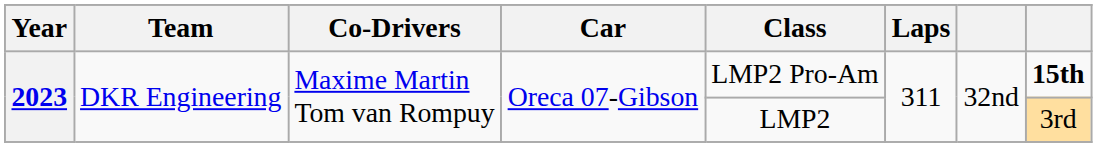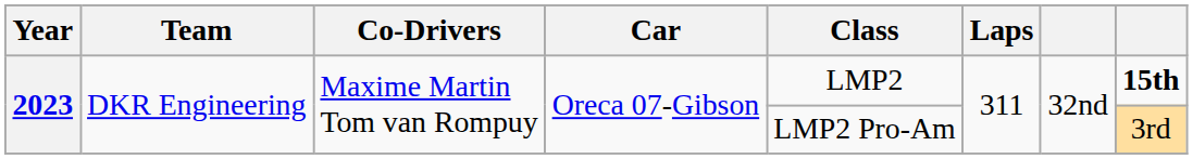 <table class="wikitable" style="text-align:center; font-size:90%">
 <tr>
 <th>Year</th>
 <th>Team</th>
 <th>Co-Drivers</th>
 <th>Car</th>
 <th>Class</th>
 <th>Laps</th>
 <th></th>
 <th></th>
 </tr>
 <tr>
 <th rowspan="2"><a href='#'>2023</a></th>
 <td rowspan="2" align="left" nowrap> <a href='#'>DKR Engineering</a></td>
 <td rowspan="2" align="left" nowrap> <a href='#'>Maxime Martin</a><br> Tom van Rompuy</td>
 <td rowspan="2" align="left" nowrap><a href='#'>Oreca 07</a>-<a href='#'>Gibson</a></td>
-<td>LMP2 Pro-Am</td>
+<td>LMP2</td>
 <td rowspan="2">311</td>
 <td rowspan="2">32nd</td>
 <td><strong>15th</strong></td>
 </tr>
 <tr>
-<td>LMP2</td>
+<td>LMP2 Pro-Am</td>
 <td style="background:#FFDF9F;">3rd</td>
 </tr>
 </table>
